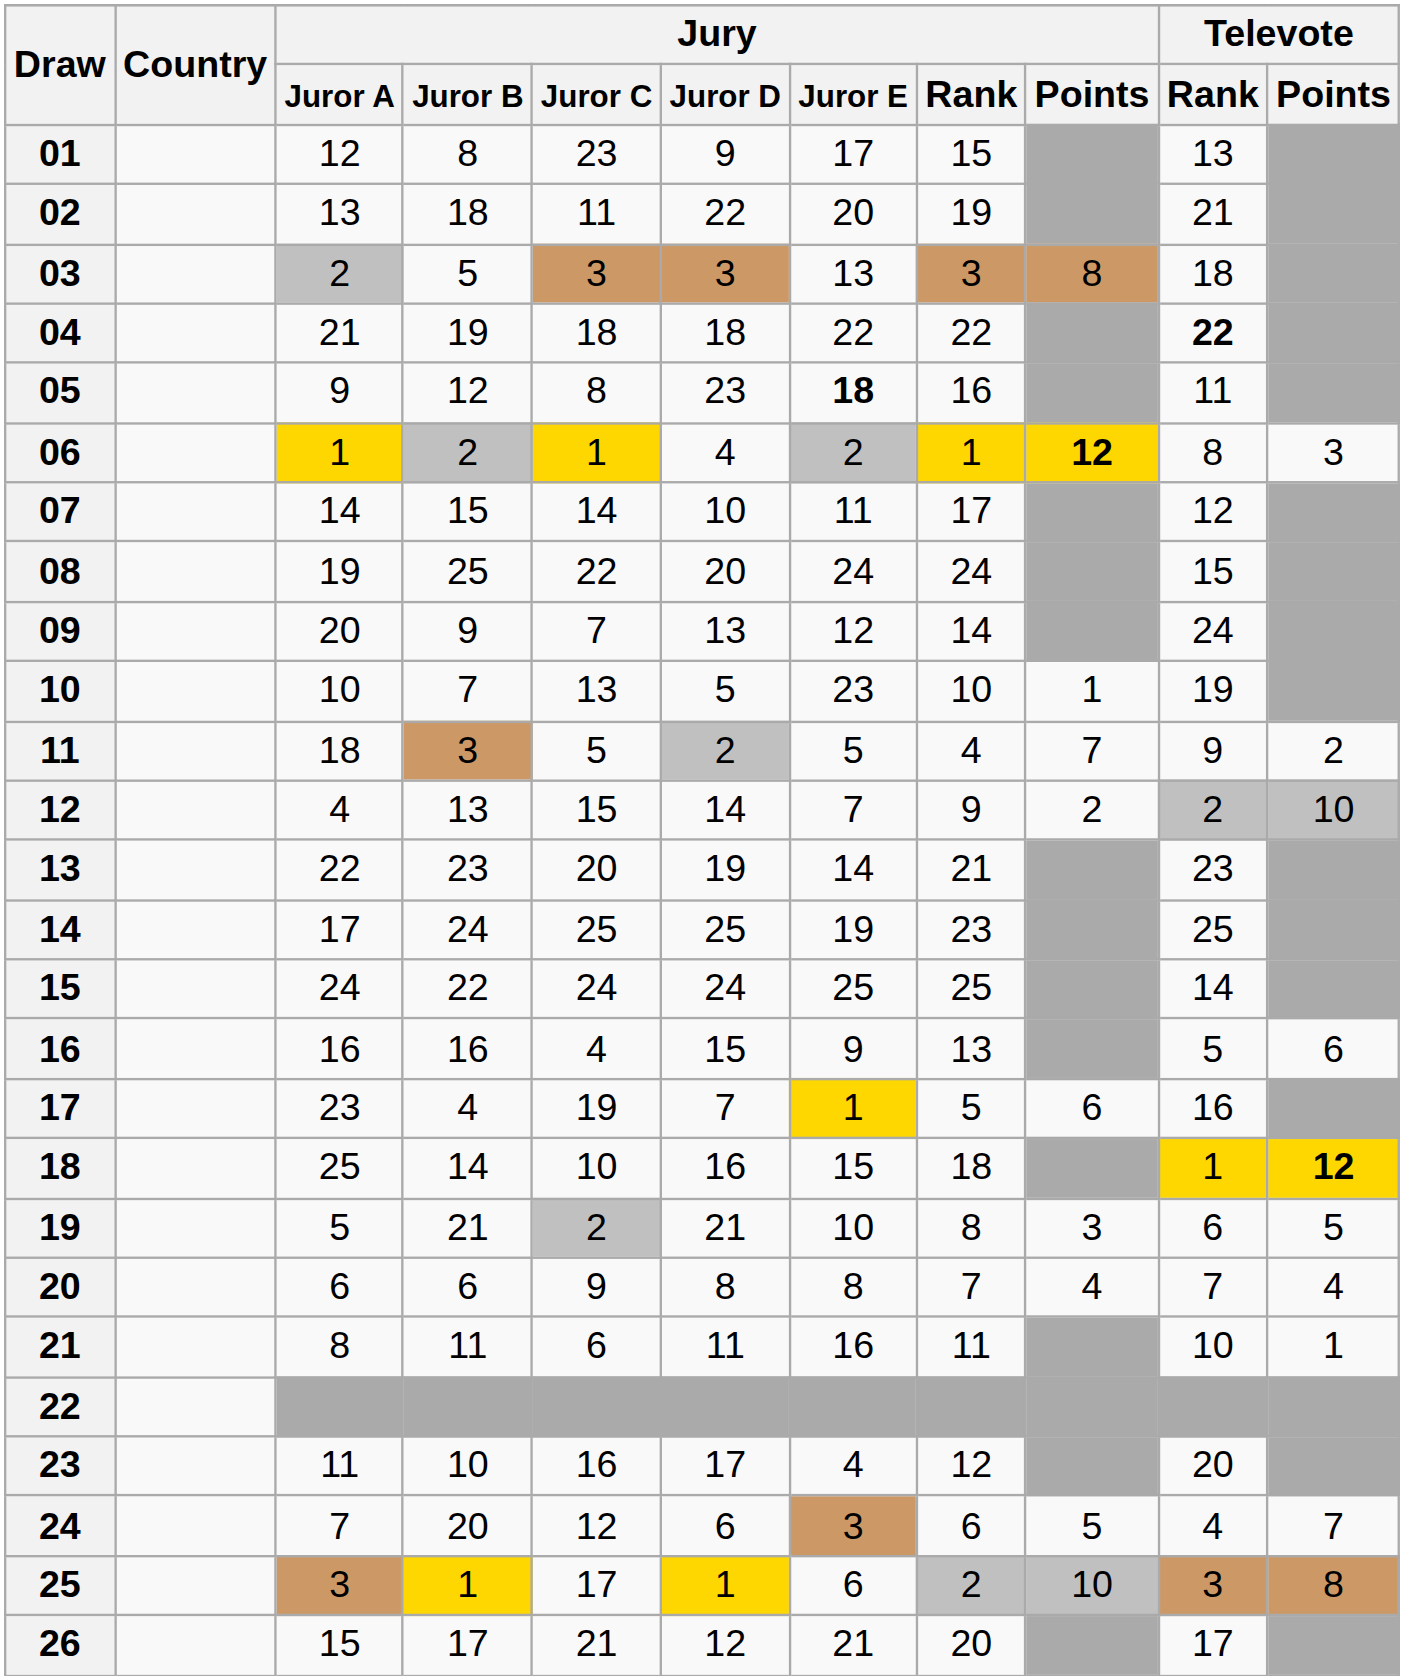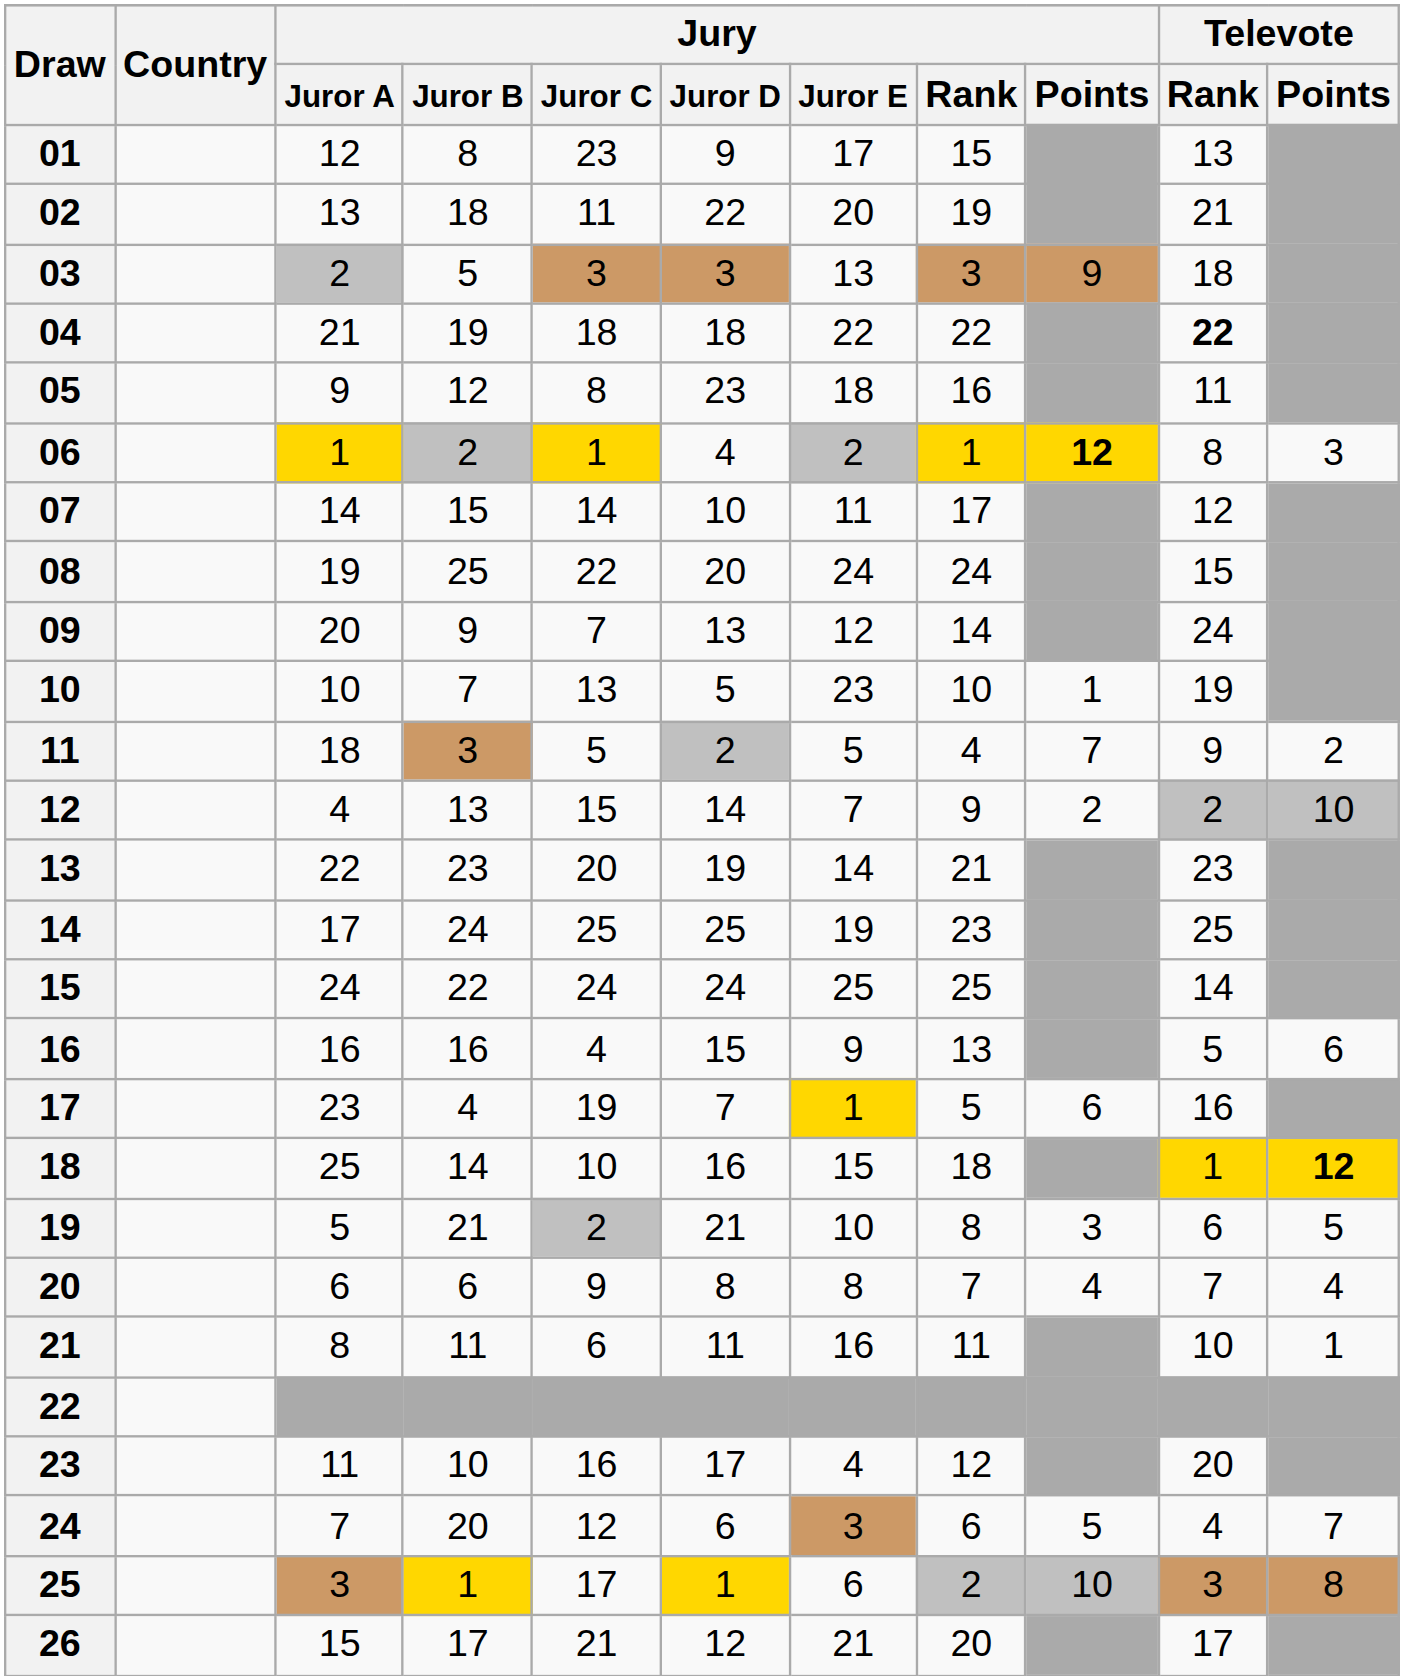 <table class="sortable wikitable collapsible plainrowheaders" style="text-align:center;">
 <tr>
 </tr>
 <tr>
 <th scope="col" rowspan="2">Draw</th>
 <th scope="col" rowspan="2">Country</th>
 <th scope="col" colspan="7">Jury</th>
 <th scope="col" colspan="2">Televote</th>
 </tr>
 <tr>
 <th scope="col"><small>Juror A</small></th>
 <th scope="col"><small>Juror B</small></th>
 <th scope="col"><small>Juror C</small></th>
 <th scope="col"><small>Juror D</small></th>
 <th scope="col"><small>Juror E</small></th>
 <th scope="col">Rank</th>
 <th scope="col">Points</th>
 <th scope="col">Rank</th>
 <th scope="col">Points</th>
 </tr>
 <tr>
 <th scope="row" style="text-align:center;">01</th>
 <td style="text-align:left;"></td>
 <td>12</td>
 <td>8</td>
 <td>23</td>
 <td>9</td>
 <td>17</td>
 <td>15</td>
 <td style="background:#AAAAAA;"></td>
 <td>13</td>
 <td style="background:#AAAAAA;"></td>
 </tr>
 <tr>
 <th scope="row" style="text-align:center;">02</th>
 <td style="text-align:left;"></td>
 <td>13</td>
 <td>18</td>
 <td>11</td>
 <td>22</td>
 <td>20</td>
 <td>19</td>
 <td style="background:#AAAAAA;"></td>
 <td>21</td>
 <td style="background:#AAAAAA;"></td>
 </tr>
 <tr>
 <th scope="row" style="text-align:center;">03</th>
 <td style="text-align:left;"></td>
 <td style="background:silver;">2</td>
 <td>5</td>
 <td style="background:#CC9966;">3</td>
 <td style="background:#CC9966;">3</td>
 <td>13</td>
 <td style="background:#CC9966;">3</td>
-<td style="background:#CC9966;">8</td>
+<td style="background:#CC9966;">9</td>
 <td>18</td>
 <td style="background:#AAAAAA;"></td>
 </tr>
 <tr>
 <th scope="row" style="text-align:center;">04</th>
 <td style="text-align:left;"></td>
 <td>21</td>
 <td>19</td>
 <td>18</td>
 <td>18</td>
 <td>22</td>
 <td>22</td>
 <td style="background:#AAAAAA;"></td>
 <td><strong>22</strong></td>
 <td style="background:#AAAAAA;"></td>
 </tr>
 <tr>
 <th scope="row" style="text-align:center;">05</th>
 <td style="text-align:left;"></td>
 <td>9</td>
 <td>12</td>
 <td>8</td>
 <td>23</td>
-<td><strong>18</strong></td>
+<td>18</td>
 <td>16</td>
 <td style="background:#AAAAAA;"></td>
 <td>11</td>
 <td style="background:#AAAAAA;"></td>
 </tr>
 <tr>
 <th scope="row" style="text-align:center;">06</th>
 <td style="text-align:left;"></td>
 <td style="background:gold;">1</td>
 <td style="background:silver;">2</td>
 <td style="background:gold;">1</td>
 <td>4</td>
 <td style="background:silver;">2</td>
 <td style="background:gold;">1</td>
 <td style="background:gold;"><strong>12</strong></td>
 <td>8</td>
 <td>3</td>
 </tr>
 <tr>
 <th scope="row" style="text-align:center;">07</th>
 <td style="text-align:left;"></td>
 <td>14</td>
 <td>15</td>
 <td>14</td>
 <td>10</td>
 <td>11</td>
 <td>17</td>
 <td style="background:#AAAAAA;"></td>
 <td>12</td>
 <td style="background:#AAAAAA;"></td>
 </tr>
 <tr>
 <th scope="row" style="text-align:center;">08</th>
 <td style="text-align:left;"></td>
 <td>19</td>
 <td>25</td>
 <td>22</td>
 <td>20</td>
 <td>24</td>
 <td>24</td>
 <td style="background:#AAAAAA;"></td>
 <td>15</td>
 <td style="background:#AAAAAA;"></td>
 </tr>
 <tr>
 <th scope="row" style="text-align:center;">09</th>
 <td style="text-align:left;"></td>
 <td>20</td>
 <td>9</td>
 <td>7</td>
 <td>13</td>
 <td>12</td>
 <td>14</td>
 <td style="background:#AAAAAA;"></td>
 <td>24</td>
 <td style="background:#AAAAAA;"></td>
 </tr>
 <tr>
 <th scope="row" style="text-align:center;">10</th>
 <td style="text-align:left;"></td>
 <td>10</td>
 <td>7</td>
 <td>13</td>
 <td>5</td>
 <td>23</td>
 <td>10</td>
 <td>1</td>
 <td>19</td>
 <td style="background:#AAAAAA;"></td>
 </tr>
 <tr>
 <th scope="row" style="text-align:center;">11</th>
 <td style="text-align:left;"></td>
 <td>18</td>
 <td style="background:#CC9966;">3</td>
 <td>5</td>
 <td style="background:silver;">2</td>
 <td>5</td>
 <td>4</td>
 <td>7</td>
 <td>9</td>
 <td>2</td>
 </tr>
 <tr>
 <th scope="row" style="text-align:center;">12</th>
 <td style="text-align:left;"></td>
 <td>4</td>
 <td>13</td>
 <td>15</td>
 <td>14</td>
 <td>7</td>
 <td>9</td>
 <td>2</td>
 <td style="background:silver;">2</td>
 <td style="background:silver;">10</td>
 </tr>
 <tr>
 <th scope="row" style="text-align:center;">13</th>
 <td style="text-align:left;"></td>
 <td>22</td>
 <td>23</td>
 <td>20</td>
 <td>19</td>
 <td>14</td>
 <td>21</td>
 <td style="background:#AAAAAA;"></td>
 <td>23</td>
 <td style="background:#AAAAAA;"></td>
 </tr>
 <tr>
 <th scope="row" style="text-align:center;">14</th>
 <td style="text-align:left;"></td>
 <td>17</td>
 <td>24</td>
 <td>25</td>
 <td>25</td>
 <td>19</td>
 <td>23</td>
 <td style="background:#AAAAAA;"></td>
 <td>25</td>
 <td style="background:#AAAAAA;"></td>
 </tr>
 <tr>
 <th scope="row" style="text-align:center;">15</th>
 <td style="text-align:left;"></td>
 <td>24</td>
 <td>22</td>
 <td>24</td>
 <td>24</td>
 <td>25</td>
 <td>25</td>
 <td style="background:#AAAAAA;"></td>
 <td>14</td>
 <td style="background:#AAAAAA;"></td>
 </tr>
 <tr>
 <th scope="row" style="text-align:center;">16</th>
 <td style="text-align:left;"></td>
 <td>16</td>
 <td>16</td>
 <td>4</td>
 <td>15</td>
 <td>9</td>
 <td>13</td>
 <td style="background:#AAAAAA;"></td>
 <td>5</td>
 <td>6</td>
 </tr>
 <tr>
 <th scope="row" style="text-align:center;">17</th>
 <td style="text-align:left;"></td>
 <td>23</td>
 <td>4</td>
 <td>19</td>
 <td>7</td>
 <td style="background:gold;">1</td>
 <td>5</td>
 <td>6</td>
 <td>16</td>
 <td style="background:#AAAAAA;"></td>
 </tr>
 <tr>
 <th scope="row" style="text-align:center;">18</th>
 <td style="text-align:left;"></td>
 <td>25</td>
 <td>14</td>
 <td>10</td>
 <td>16</td>
 <td>15</td>
 <td>18</td>
 <td style="background:#AAAAAA;"></td>
 <td style="background:gold;">1</td>
 <td style="background:gold;"><strong>12</strong></td>
 </tr>
 <tr>
 <th scope="row" style="text-align:center;">19</th>
 <td style="text-align:left;"></td>
 <td>5</td>
 <td>21</td>
 <td style="background:silver;">2</td>
 <td>21</td>
 <td>10</td>
 <td>8</td>
 <td>3</td>
 <td>6</td>
 <td>5</td>
 </tr>
 <tr>
 <th scope="row" style="text-align:center;">20</th>
 <td style="text-align:left;"></td>
 <td>6</td>
 <td>6</td>
 <td>9</td>
 <td>8</td>
 <td>8</td>
 <td>7</td>
 <td>4</td>
 <td>7</td>
 <td>4</td>
 </tr>
 <tr>
 <th scope="row" style="text-align:center;">21</th>
 <td style="text-align:left;"></td>
 <td>8</td>
 <td>11</td>
 <td>6</td>
 <td>11</td>
 <td>16</td>
 <td>11</td>
 <td style="background:#AAAAAA;"></td>
 <td>10</td>
 <td>1</td>
 </tr>
 <tr class="sortbottom">
 <th scope="row" style="text-align:center;">22</th>
 <td style="text-align:left;"></td>
 <td style="background:#AAAAAA;"></td>
 <td style="background:#AAAAAA;"></td>
 <td style="background:#AAAAAA;"></td>
 <td style="background:#AAAAAA;"></td>
 <td style="background:#AAAAAA;"></td>
 <td style="background:#AAAAAA;"></td>
 <td style="background:#AAAAAA;"></td>
 <td style="background:#AAAAAA;"></td>
 <td style="background:#AAAAAA;"></td>
 </tr>
 <tr>
 <th scope="row" style="text-align:center;">23</th>
 <td style="text-align:left;"></td>
 <td>11</td>
 <td>10</td>
 <td>16</td>
 <td>17</td>
 <td>4</td>
 <td>12</td>
 <td style="background:#AAAAAA;"></td>
 <td>20</td>
 <td style="background:#AAAAAA;"></td>
 </tr>
 <tr>
 <th scope="row" style="text-align:center;">24</th>
 <td style="text-align:left;"></td>
 <td>7</td>
 <td>20</td>
 <td>12</td>
 <td>6</td>
 <td style="background:#CC9966;">3</td>
 <td>6</td>
 <td>5</td>
 <td>4</td>
 <td>7</td>
 </tr>
 <tr>
 <th scope="row" style="text-align:center;">25</th>
 <td style="text-align:left;"></td>
 <td style="background:#CC9966;">3</td>
 <td style="background:gold;">1</td>
 <td>17</td>
 <td style="background:gold;">1</td>
 <td>6</td>
 <td style="background:silver;">2</td>
 <td style="background:silver;">10</td>
 <td style="background:#CC9966;">3</td>
 <td style="background:#CC9966;">8</td>
 </tr>
 <tr>
 <th scope="row" style="text-align:center;">26</th>
 <td style="text-align:left;"></td>
 <td>15</td>
 <td>17</td>
 <td>21</td>
 <td>12</td>
 <td>21</td>
 <td>20</td>
 <td style="background:#AAAAAA;"></td>
 <td>17</td>
 <td style="background:#AAAAAA;"></td>
 </tr>
 </table>
